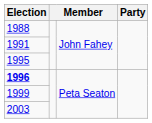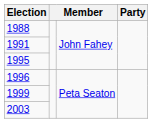 <table class="wikitable">
 <tr>
 <th>Election</th>
 <th colspan="2">Member</th>
 <th>Party</th>
 </tr>
 <tr>
 <td><a href='#'>1988</a></td>
 <td rowspan="3" > </td>
 <td rowspan="3"><a href='#'>John Fahey</a></td>
 <td rowspan="3"></td>
 </tr>
 <tr>
 <td><a href='#'>1991</a></td>
 </tr>
 <tr>
 <td><a href='#'>1995</a></td>
 </tr>
 <tr>
-<td><strong><a href='#'>1996</a></strong></td>
+<td><a href='#'>1996</a></td>
 <td rowspan="3" > </td>
 <td rowspan="3"><a href='#'>Peta Seaton</a></td>
 <td rowspan="3"></td>
 </tr>
 <tr>
 <td><a href='#'>1999</a></td>
 </tr>
 <tr>
 <td><a href='#'>2003</a></td>
 </tr>
 </table>
